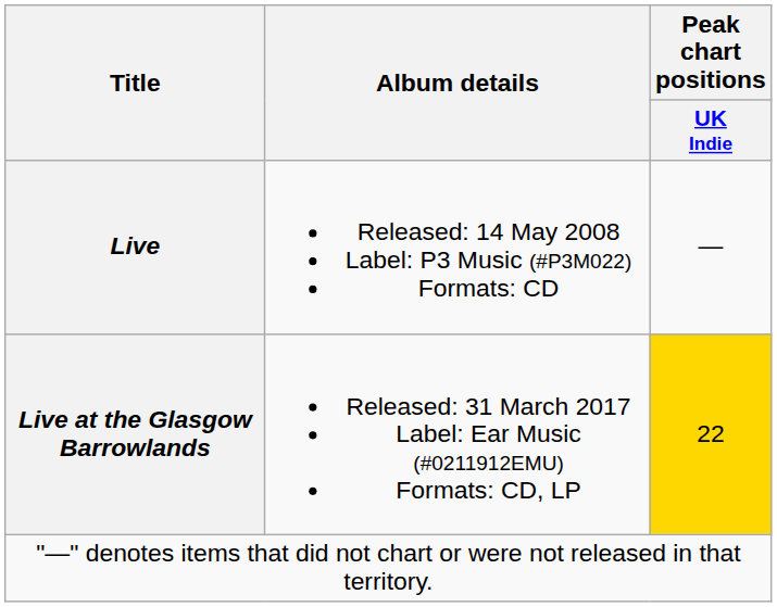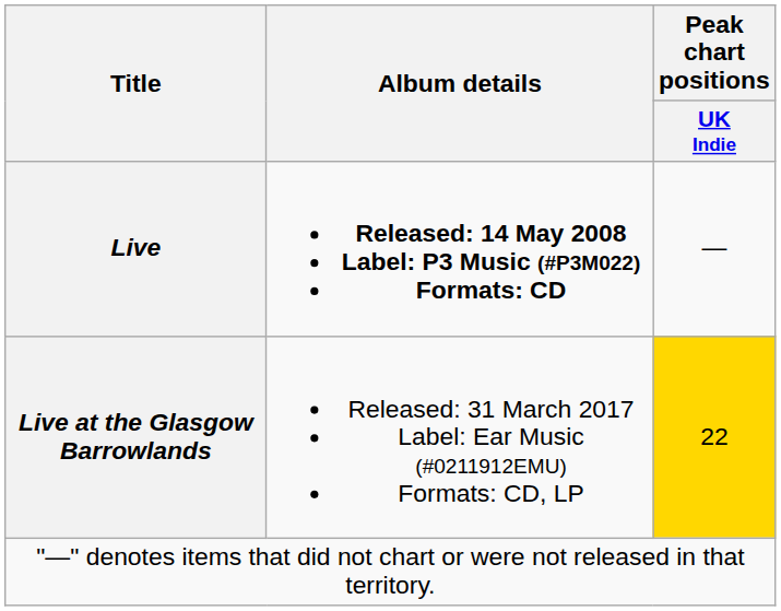 <table class="wikitable plainrowheaders" style="text-align:center;">
 <tr>
 <th scope="col" rowspan="2" style="width:10em;">Title</th>
 <th scope="col" rowspan="2" style="width:15em;">Album details</th>
 <th scope="col" colspan="1">Peak chart positions</th>
 </tr>
 <tr>
 <th style="width:3em;font-size:90%;"><a href='#'>UK<br><small>Indie</small></a><br></th>
 </tr>
 <tr>
 <th scope="row"><em>Live</em></th>
-<td><br><ul><li>Released: 14 May 2008</li><li>Label: P3 Music <small>(#P3M022)</small></li><li>Formats: CD</li></ul></td>
+<td><strong><br><ul><li>Released: 14 May 2008</li><li>Label: P3 Music <small>(#P3M022)</small></li><li>Formats: CD</li></ul></strong></td>
 <td>—</td>
 </tr>
 <tr>
 <th scope="row"><em>Live at the Glasgow Barrowlands	</em></th>
 <td><br><ul><li>Released: 31 March 2017</li><li>Label: Ear Music <small>(#0211912EMU)</small></li><li>Formats: CD, LP</li></ul></td>
 <td style="background: gold;">22</td>
 </tr>
 <tr>
 <td style="text-align:center;" colspan="15" style="font-size:90%">"—" denotes items that did not chart or were not released in that territory.</td>
 </tr>
 </table>
